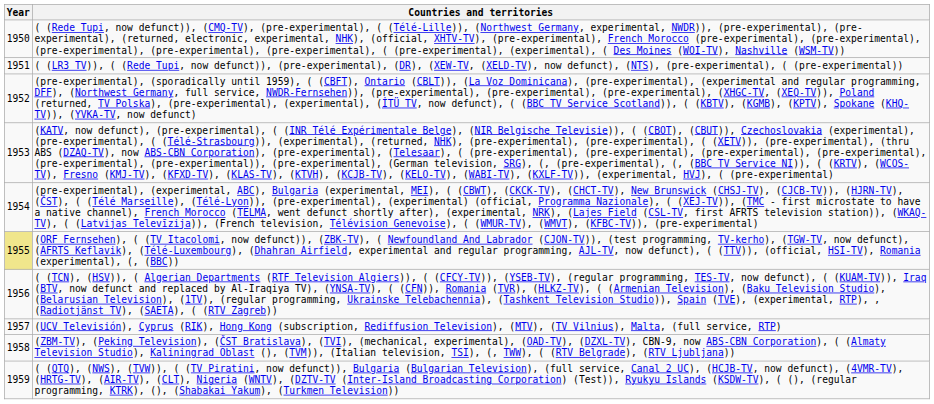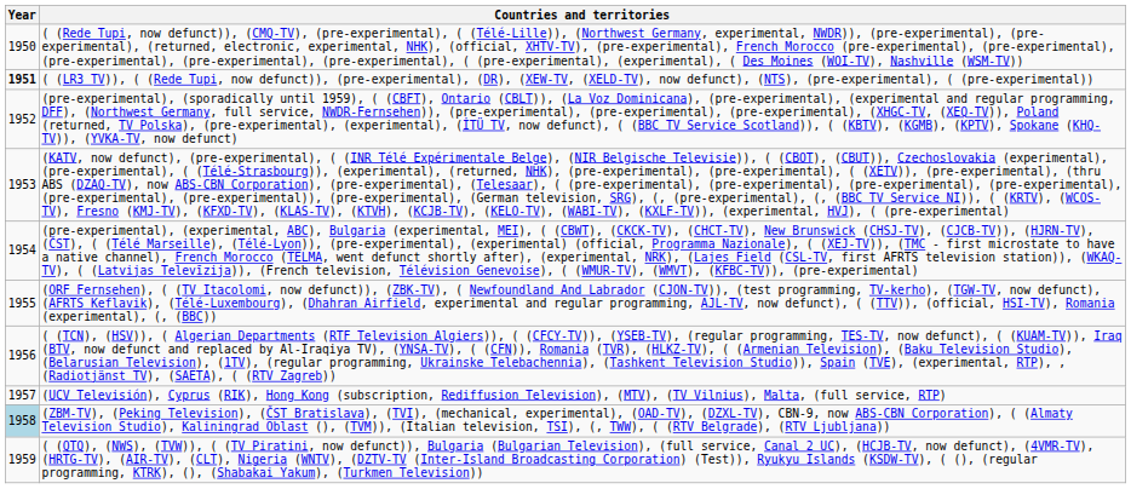 <table class="wikitable">
 <tr>
 <th>Year</th>
 <th>Countries and territories</th>
 </tr>
 <tr>
 <td>1950</td>
 <td> ( (<a href='#'>Rede Tupi</a>, now defunct)),  (<a href='#'>CMQ-TV</a>),  (pre-experimental),  ( (<a href='#'>Télé-Lille</a>)),  (<a href='#'>Northwest Germany</a>, experimental, <a href='#'>NWDR</a>)),  (pre-experimental),  (pre-experimental),  (returned, electronic, experimental, <a href='#'>NHK</a>),  (official, <a href='#'>XHTV-TV</a>),  (pre-experimental),  <a href='#'>French Morocco</a> (pre-experimental),  (pre-experimental),  (pre-experimental),  (pre-experimental),  (pre-experimental),   ( (pre-experimental),  (experimental),  ( <a href='#'>Des Moines</a> (<a href='#'>WOI-TV</a>),  <a href='#'>Nashville</a> (<a href='#'>WSM-TV</a>))</td>
 </tr>
 <tr>
-<td>1951</td>
+<td><strong>1951</strong></td>
 <td> ( (<a href='#'>LR3 TV</a>)),  ( (<a href='#'>Rede Tupi</a>, now defunct)),  (pre-experimental),  (<a href='#'>DR</a>),  (<a href='#'>XEW-TV</a>,  (<a href='#'>XELD-TV</a>), now defunct),  (<a href='#'>NTS</a>),  (pre-experimental),  ( (pre-experimental))</td>
 </tr>
 <tr>
 <td>1952</td>
 <td> (pre-experimental),  (sporadically until 1959),  ( (<a href='#'>CBFT</a>),  <a href='#'>Ontario</a> (<a href='#'>CBLT</a>)),  (<a href='#'>La Voz Dominicana</a>),  (pre-experimental),  (experimental and regular programming, <a href='#'>DFF</a>),  (<a href='#'>Northwest Germany</a>, full service, <a href='#'>NWDR-Fernsehen</a>)),  (pre-experimental),  (pre-experimental),  (pre-experimental),  (<a href='#'>XHGC-TV</a>,  (<a href='#'>XEQ-TV</a>)),  <a href='#'>Poland</a> (returned, <a href='#'>TV Polska</a>),  (pre-experimental),  (experimental),  (<a href='#'>İTÜ TV</a>, now defunct),  ( (<a href='#'>BBC TV Service Scotland</a>)),  ( (<a href='#'>KBTV</a>),  (<a href='#'>KGMB</a>),  (<a href='#'>KPTV</a>),  <a href='#'>Spokane</a> (<a href='#'>KHQ-TV</a>)),  (<a href='#'>YVKA-TV</a>, now defunct)</td>
 </tr>
 <tr>
 <td>1953</td>
 <td> (<a href='#'>KATV</a>, now defunct),  (pre-experimental),  ( (<a href='#'>INR Télé Expérimentale Belge</a>),  (<a href='#'>NIR Belgische Televisie</a>)),  ( (<a href='#'>CBOT</a>),  (<a href='#'>CBUT</a>)),  <a href='#'>Czechoslovakia</a> (experimental),  (pre-experimental),  ( (<a href='#'>Télé-Strasbourg</a>)),  (experimental),  (returned, <a href='#'>NHK</a>),  (pre-experimental),  (pre-experimental),  ( (<a href='#'>XETV</a>)),  (pre-experimental),  (thru ABS (<a href='#'>DZAQ-TV</a>), now <a href='#'>ABS-CBN Corporation</a>),  (pre-experimental),  (<a href='#'>Telesaar</a>), ( (pre-experimental),  (pre-experimental),  (pre-experimental),  (pre-experimental),  (pre-experimental),  (pre-experimental)),  (pre-experimental),   (German television, <a href='#'>SRG</a>),  (,  (pre-experimental),  (, (<a href='#'>BBC TV Service NI</a>)),  ( (<a href='#'>KRTV</a>),  (<a href='#'>WCOS-TV</a>),  <a href='#'>Fresno</a> (<a href='#'>KMJ-TV</a>),  (<a href='#'>KFXD-TV</a>),  (<a href='#'>KLAS-TV</a>),  (<a href='#'>KTVH</a>),  (<a href='#'>KCJB-TV</a>),  (<a href='#'>KELO-TV</a>),  (<a href='#'>WABI-TV</a>),  (<a href='#'>KXLF-TV</a>)),  (experimental, <a href='#'>HVJ</a>),  ( (pre-experimental)</td>
 </tr>
 <tr>
 <td>1954</td>
 <td> (pre-experimental),  (experimental, <a href='#'>ABC</a>),  <a href='#'>Bulgaria</a> (experimental, <a href='#'>MEI</a>),  ( (<a href='#'>CBWT</a>),  (<a href='#'>CKCK-TV</a>),  (<a href='#'>CHCT-TV</a>),  <a href='#'>New Brunswick</a> (<a href='#'>CHSJ-TV</a>),  (<a href='#'>CJCB-TV</a>)),  (<a href='#'>HJRN-TV</a>),  (<a href='#'>ČST</a>),  ( (<a href='#'>Télé Marseille</a>),  (<a href='#'>Télé-Lyon</a>)),  (pre-experimental),  (experimental)  (official, <a href='#'>Programma Nazionale</a>),  ( (<a href='#'>XEJ-TV</a>)),  (<a href='#'>TMC</a> - first microstate to have a native channel),  <a href='#'>French Morocco</a> (<a href='#'>TELMA</a>, went defunct shortly after),  (experimental, <a href='#'>NRK</a>),  (<a href='#'>Lajes Field</a> (<a href='#'>CSL-TV</a>, first AFRTS television station)),  (<a href='#'>WKAQ-TV</a>),  ( (<a href='#'>Latvijas Televīzija</a>)),  (French television, <a href='#'>Télévision Genevoise</a>),  ( (<a href='#'>WMUR-TV</a>),  (<a href='#'>WMVT</a>),  (<a href='#'>KFBC-TV</a>)),  (pre-experimental)</td>
 </tr>
 <tr>
-<td style="background: khaki;">1955</td>
+<td>1955</td>
 <td> (<a href='#'>ORF Fernsehen</a>),  ( (<a href='#'>TV Itacolomi</a>, now defunct)),  (<a href='#'>ZBK-TV</a>),  ( <a href='#'>Newfoundland And Labrador</a> (<a href='#'>CJON-TV</a>)),  (test programming, <a href='#'>TV-kerho</a>),  (<a href='#'>TGW-TV</a>, now defunct),  (<a href='#'>AFRTS Keflavik</a>),  (<a href='#'>Télé-Luxembourg</a>),  (<a href='#'>Dhahran Airfield</a>, experimental and regular programming, <a href='#'>AJL-TV</a>, now defunct),  ( (<a href='#'>TTV</a>)),  (official, <a href='#'>HSI-TV</a>),  <a href='#'>Romania</a> (experimental),  (,  (<a href='#'>BBC</a>))</td>
 </tr>
 <tr>
 <td>1956</td>
 <td> ( (<a href='#'>TCN</a>),  (<a href='#'>HSV</a>)),  ( <a href='#'>Algerian Departments</a> (<a href='#'>RTF Television Algiers</a>)),  ( (<a href='#'>CFCY-TV</a>)),  (<a href='#'>YSEB-TV</a>),  (regular programming, <a href='#'>TES-TV</a>, now defunct),  ( (<a href='#'>KUAM-TV</a>)),  <a href='#'>Iraq</a> (<a href='#'>BTV</a>, now defunct and replaced by Al-Iraqiya TV),  (<a href='#'>YNSA-TV</a>),  ( (<a href='#'>CFN</a>)),  <a href='#'>Romania</a> (<a href='#'>TVR</a>),  (<a href='#'>HLKZ-TV</a>),  ( (<a href='#'>Armenian Television</a>),  (<a href='#'>Baku Television Studio</a>),  (<a href='#'>Belarusian Television</a>),  (<a href='#'>1TV</a>),  (regular programming, <a href='#'>Ukrainske Telebachennia</a>),  (<a href='#'>Tashkent Television Studio</a>)),  <a href='#'>Spain</a> (<a href='#'>TVE</a>),  (experimental, <a href='#'>RTP</a>), , (<a href='#'>Radiotjänst TV</a>),  (<a href='#'>SAETA</a>),  ( (<a href='#'>RTV Zagreb</a>))</td>
 </tr>
 <tr>
 <td>1957</td>
 <td> (<a href='#'>UCV Televisión</a>),  <a href='#'>Cyprus</a> (<a href='#'>RIK</a>),  <a href='#'>Hong Kong</a> (subscription, <a href='#'>Rediffusion Television</a>),  (<a href='#'>MTV</a>),  (<a href='#'>TV Vilnius</a>),  <a href='#'>Malta</a>,  (full service, <a href='#'>RTP</a>)</td>
 </tr>
 <tr>
-<td>1958</td>
+<td style="background: lightblue;">1958</td>
 <td> (<a href='#'>ZBM-TV</a>),  (<a href='#'>Peking Television</a>),  (<a href='#'>ČST Bratislava</a>),  (<a href='#'>TVI</a>),  (mechanical, experimental),  (<a href='#'>OAD-TV</a>),  (<a href='#'>DZXL-TV</a>), CBN-9, now <a href='#'>ABS-CBN Corporation</a>),  ( (<a href='#'>Almaty Television Studio</a>),  <a href='#'>Kaliningrad Oblast</a> (),  (<a href='#'>TVM</a>)),  (Italian television, <a href='#'>TSI</a>),  (, <a href='#'>TWW</a>),  ( (<a href='#'>RTV Belgrade</a>),  (<a href='#'>RTV Ljubljana</a>))</td>
 </tr>
 <tr>
 <td>1959</td>
 <td> ( (<a href='#'>QTQ</a>),  (<a href='#'>NWS</a>),  (<a href='#'>TVW</a>)),  ( (<a href='#'>TV Piratini</a>, now defunct)),  <a href='#'>Bulgaria</a> (<a href='#'>Bulgarian Television</a>),  (full service, <a href='#'>Canal 2 UC</a>),  (<a href='#'>HCJB-TV</a>, now defunct),  (<a href='#'>4VMR-TV</a>),  (<a href='#'>HRTG-TV</a>),  (<a href='#'>AIR-TV</a>),  (<a href='#'>CLT</a>),  <a href='#'>Nigeria</a> (<a href='#'>WNTV</a>),  (<a href='#'>DZTV-TV</a> (<a href='#'>Inter-Island Broadcasting Corporation</a>) (Test)),  <a href='#'>Ryukyu Islands</a> (<a href='#'>KSDW-TV</a>), ( (),  (regular programming, <a href='#'>KTRK</a>),  (),  (<a href='#'>Shabakai Yakum</a>),  (<a href='#'>Turkmen Television</a>))</td>
 </tr>
 </table>
